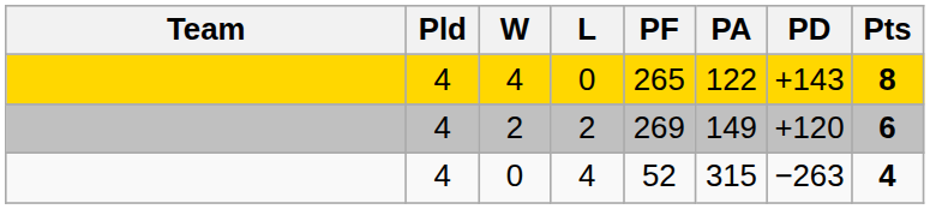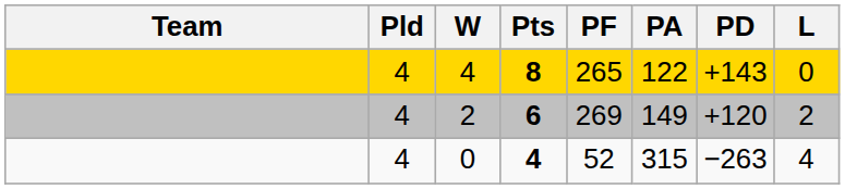 <table class=wikitable style="text-align:center">
 <tr>
 <th width=200>Team</th>
 <th width=30>Pld</th>
 <th width=30>W</th>
-<th width=30>L</th>
+<th width=30>Pts</th>
 <th width=30>PF</th>
 <th width=30>PA</th>
 <th width=30>PD</th>
-<th width=30>Pts</th>
+<th width=30>L</th>
 </tr>
 <tr bgcolor="gold">
 <td align=left><strong></strong></td>
 <td>4</td>
 <td>4</td>
-<td>0</td>
+<td><strong>8</strong></td>
 <td>265</td>
 <td>122</td>
 <td>+143</td>
-<td><strong>8</strong></td>
+<td>0</td>
 </tr>
 <tr bgcolor="silver">
 <td align=left><strong></strong></td>
 <td>4</td>
 <td>2</td>
-<td>2</td>
+<td><strong>6</strong></td>
 <td>269</td>
 <td>149</td>
 <td>+120</td>
-<td><strong>6</strong></td>
+<td>2</td>
 </tr>
 <tr>
 <td align=left></td>
 <td>4</td>
 <td>0</td>
-<td>4</td>
+<td><strong>4</strong></td>
 <td>52</td>
 <td>315</td>
 <td>−263</td>
-<td><strong>4</strong></td>
+<td>4</td>
 </tr>
 </table>
